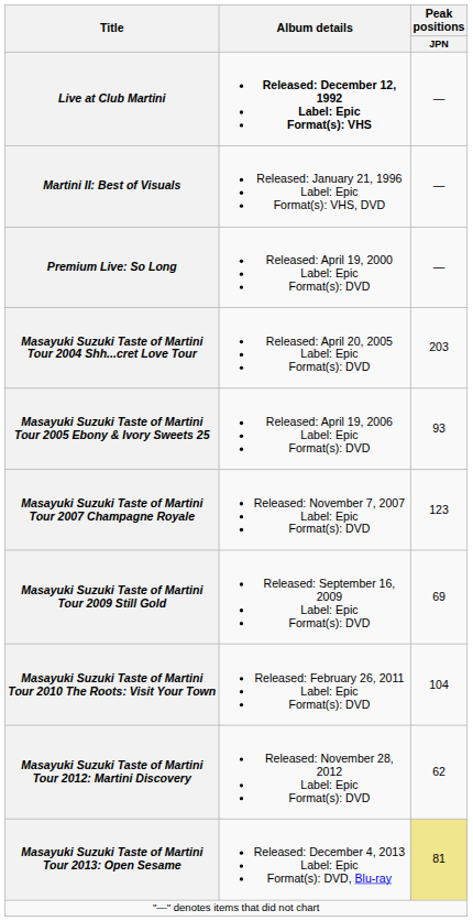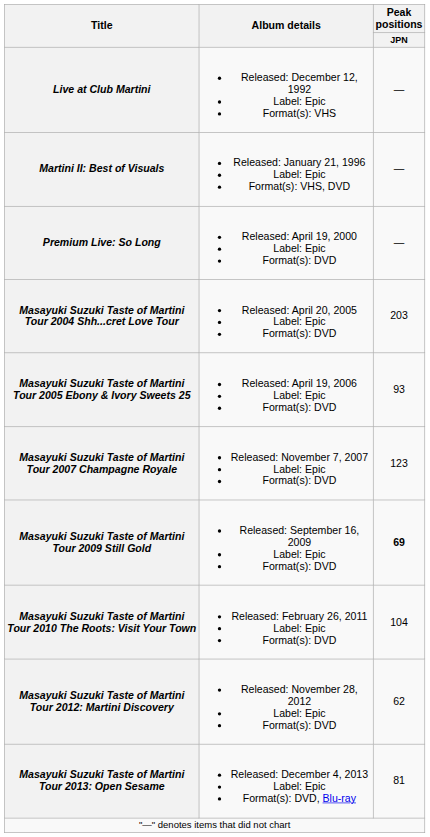 <table class="wikitable plainrowheaders" style="text-align:center;">
 <tr>
 <th style="width:18em;" rowspan="2">Title</th>
 <th style="width:16em;" rowspan="2">Album details</th>
 <th colspan="1">Peak positions</th>
 </tr>
 <tr>
 <th style="width:3em;font-size:85%;">JPN<br></th>
 </tr>
 <tr>
 <th scope="row"><em>Live at Club Martini</em></th>
-<td><strong><br><ul><li>Released: December 12, 1992</li><li>Label: Epic</li><li>Format(s): VHS</li></ul></strong></td>
+<td><br><ul><li>Released: December 12, 1992</li><li>Label: Epic</li><li>Format(s): VHS</li></ul></td>
 <td>—</td>
 </tr>
 <tr>
 <th scope="row"><em>Martini II: Best of Visuals</em></th>
 <td><br><ul><li>Released: January 21, 1996</li><li>Label: Epic</li><li>Format(s): VHS, DVD</li></ul></td>
 <td>—</td>
 </tr>
 <tr>
 <th scope="row"><em>Premium Live: So Long</em></th>
 <td><br><ul><li>Released: April 19, 2000</li><li>Label: Epic</li><li>Format(s): DVD</li></ul></td>
 <td>—</td>
 </tr>
 <tr>
 <th scope="row"><em>Masayuki Suzuki Taste of Martini Tour 2004 Shh...cret Love Tour</em></th>
 <td><br><ul><li>Released: April 20, 2005</li><li>Label: Epic</li><li>Format(s): DVD</li></ul></td>
 <td>203</td>
 </tr>
 <tr>
 <th scope="row"><em>Masayuki Suzuki Taste of Martini Tour 2005 Ebony & Ivory Sweets 25</em></th>
 <td><br><ul><li>Released: April 19, 2006</li><li>Label: Epic</li><li>Format(s): DVD</li></ul></td>
 <td>93</td>
 </tr>
 <tr>
 <th scope="row"><em>Masayuki Suzuki Taste of Martini Tour 2007 Champagne Royale</em></th>
 <td><br><ul><li>Released: November 7, 2007</li><li>Label: Epic</li><li>Format(s): DVD</li></ul></td>
 <td>123</td>
 </tr>
 <tr>
 <th scope="row"><em>Masayuki Suzuki Taste of Martini Tour 2009 Still Gold</em></th>
 <td><br><ul><li>Released: September 16, 2009</li><li>Label: Epic</li><li>Format(s): DVD</li></ul></td>
-<td>69</td>
+<td><strong>69</strong></td>
 </tr>
 <tr>
 <th scope="row"><em>Masayuki Suzuki Taste of Martini Tour 2010 The Roots: Visit Your Town</em></th>
 <td><br><ul><li>Released: February 26, 2011</li><li>Label: Epic</li><li>Format(s): DVD</li></ul></td>
 <td>104</td>
 </tr>
 <tr>
 <th scope="row"><em>Masayuki Suzuki Taste of Martini Tour 2012: Martini Discovery</em></th>
 <td><br><ul><li>Released: November 28, 2012</li><li>Label: Epic</li><li>Format(s): DVD</li></ul></td>
 <td>62</td>
 </tr>
 <tr>
 <th scope="row"><em>Masayuki Suzuki Taste of Martini Tour 2013: Open Sesame</em></th>
 <td><br><ul><li>Released: December 4, 2013</li><li>Label: Epic</li><li>Format(s): DVD, <a href='#'>Blu-ray</a></li></ul></td>
-<td style="background: khaki;">81</td>
+<td>81</td>
 </tr>
 <tr>
 <td colspan="4" align="center" style="font-size:90%;">"—" denotes items that did not chart</td>
 </tr>
 </table>
